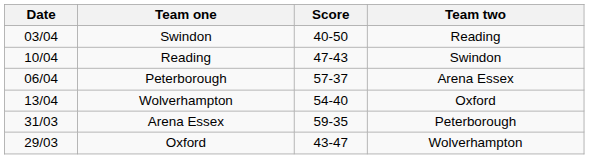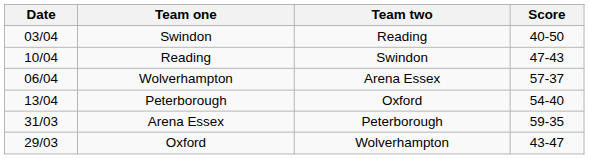 <table class="wikitable" style="text-align: center">
 <tr>
 <th width=80>Date</th>
 <th width=250>Team one</th>
+<th width=250>Team two</th>
 <th width=80>Score</th>
-<th width=250>Team two</th>
 </tr>
 <tr>
 <td>03/04</td>
 <td>Swindon</td>
+<td>Reading</td>
 <td>40-50</td>
-<td>Reading</td>
 </tr>
 <tr>
 <td>10/04</td>
 <td>Reading</td>
+<td>Swindon</td>
 <td>47-43</td>
-<td>Swindon</td>
 </tr>
 <tr>
 <td>06/04</td>
-<td>Peterborough</td>
+<td>Wolverhampton</td>
+<td>Arena Essex</td>
 <td>57-37</td>
-<td>Arena Essex</td>
 </tr>
 <tr>
 <td>13/04</td>
-<td>Wolverhampton</td>
+<td>Peterborough</td>
+<td>Oxford</td>
 <td>54-40</td>
-<td>Oxford</td>
 </tr>
 <tr>
 <td>31/03</td>
 <td>Arena Essex</td>
+<td>Peterborough</td>
 <td>59-35</td>
-<td>Peterborough</td>
 </tr>
 <tr>
 <td>29/03</td>
 <td>Oxford</td>
+<td>Wolverhampton</td>
 <td>43-47</td>
-<td>Wolverhampton</td>
 </tr>
 </table>
